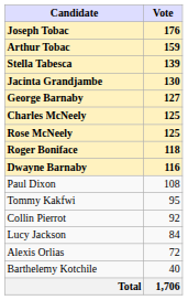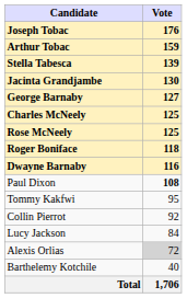 <table class="wikitable">
 <tr>
 <th width="200px" style="background:#ddf;">Candidate</th>
 <th width="50px" style="background:#ddf;">Vote</th>
 </tr>
 <tr>
 <td style="background:#fff2bf;"><strong>Joseph Tobac</strong></td>
 <td style="text-align:right;background:#fff2bf;"><strong>176</strong></td>
 </tr>
 <tr>
 <td style="background:#fff2bf;"><strong>Arthur Tobac</strong></td>
 <td style="text-align:right;background:#fff2bf;"><strong>159</strong></td>
 </tr>
 <tr>
 <td style="background:#fff2bf;"><strong>Stella Tabesca</strong></td>
 <td style="text-align:right;background:#fff2bf;"><strong>139</strong></td>
 </tr>
 <tr>
 <td style="background:#fff2bf;"><strong>Jacinta Grandjambe</strong></td>
 <td style="text-align:right;background:#fff2bf;"><strong>130</strong></td>
 </tr>
 <tr>
 <td style="background:#fff2bf;"><strong>George Barnaby</strong></td>
 <td style="text-align:right;background:#fff2bf;"><strong>127</strong></td>
 </tr>
 <tr>
 <td style="background:#fff2bf;"><strong>Charles McNeely</strong></td>
 <td style="text-align:right;background:#fff2bf;"><strong>125</strong></td>
 </tr>
 <tr>
 <td style="background:#fff2bf;"><strong>Rose McNeely</strong></td>
 <td style="text-align:right;background:#fff2bf;"><strong>125</strong></td>
 </tr>
 <tr>
 <td style="background:#fff2bf;"><strong>Roger Boniface</strong></td>
 <td style="text-align:right;background:#fff2bf;"><strong>118</strong></td>
 </tr>
 <tr>
 <td style="background:#fff2bf;"><strong>Dwayne Barnaby</strong></td>
 <td style="text-align:right;background:#fff2bf;"><strong>116</strong></td>
 </tr>
 <tr>
 <td style="text-align:left;">Paul Dixon</td>
-<td style="text-align:right;">108</td>
+<td style="text-align:right;"><strong>108</strong></td>
 </tr>
 <tr>
 <td style="text-align:left;">Tommy Kakfwi</td>
 <td style="text-align:right;">95</td>
 </tr>
 <tr>
 <td style="text-align:left;">Collin Pierrot</td>
 <td style="text-align:right;">92</td>
 </tr>
 <tr>
 <td style="text-align:left;">Lucy Jackson</td>
 <td style="text-align:right;">84</td>
 </tr>
 <tr>
 <td style="text-align:left;">Alexis Orlias</td>
-<td style="text-align:right;">72</td>
+<td style="background: lightgrey; text-align:right;">72</td>
 </tr>
 <tr>
 <td style="text-align:left;">Barthelemy Kotchile</td>
 <td style="text-align:right;">40</td>
 </tr>
 <tr>
 <td style="text-align:right;background-color:#f2f2f2;"><strong>Total</strong></td>
 <td style="text-align:right;background-color:#f2f2f2;"><strong>1,706</strong></td>
 </tr>
 </table>
